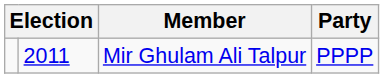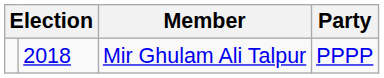 <table class="wikitable">
 <tr>
 <th colspan="2">Election</th>
 <th>Member</th>
 <th>Party</th>
 </tr>
 <tr>
 <td style="background-color: "></td>
-<td><a href='#'>2011</a></td>
+<td><a href='#'>2018</a></td>
 <td><a href='#'>Mir Ghulam Ali Talpur</a></td>
 <td><a href='#'>PPPP</a></td>
 </tr>
 </table>
